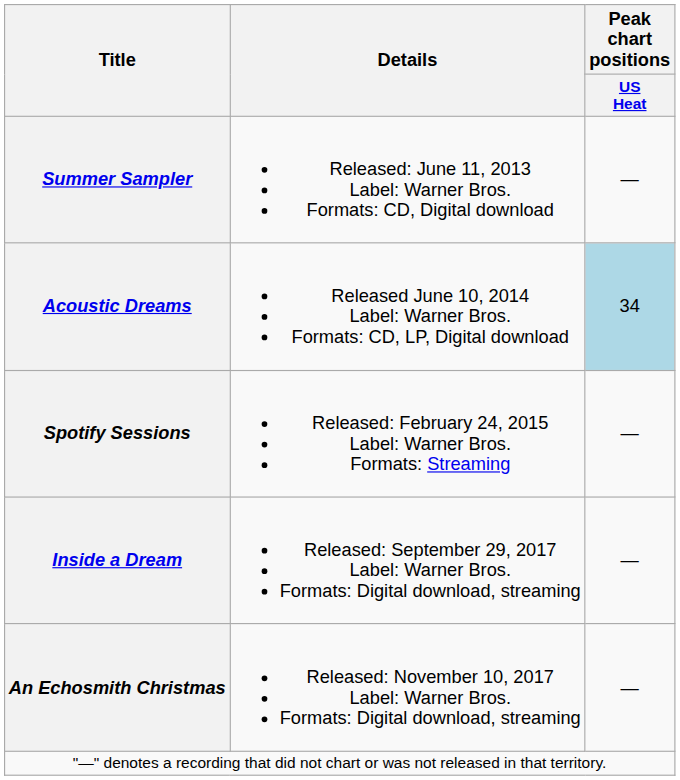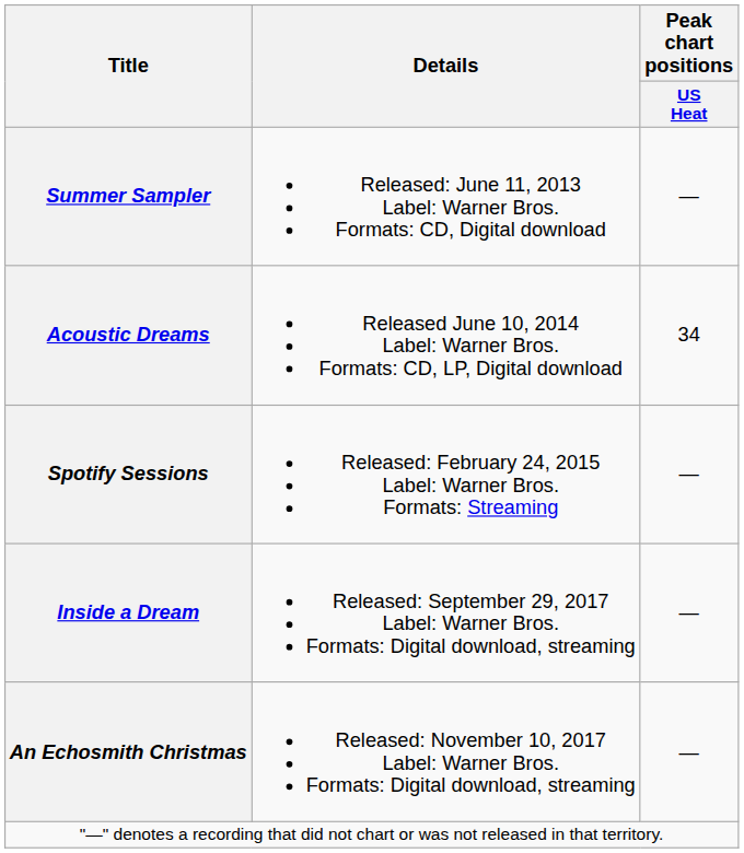 <table class="wikitable plainrowheaders" style="text-align:center;" border="1">
 <tr>
 <th scope="col" rowspan="2">Title</th>
 <th scope="col" rowspan="2">Details</th>
 <th scope="col" colspan="1">Peak chart positions</th>
 </tr>
 <tr>
 <th scope="col" style="width:3em;font-size:85%;"><a href='#'>US<br>Heat</a><br></th>
 </tr>
 <tr>
 <th scope="row"><em><a href='#'>Summer Sampler</a></em></th>
 <td><br><ul><li>Released: June 11, 2013</li><li>Label: Warner Bros.</li><li>Formats: CD, Digital download</li></ul></td>
 <td>—</td>
 </tr>
 <tr>
 <th scope="row"><em><a href='#'>Acoustic Dreams</a></em></th>
 <td><br><ul><li>Released June 10, 2014</li><li>Label: Warner Bros.</li><li>Formats: CD, LP, Digital download</li></ul></td>
-<td style="background: lightblue;">34</td>
+<td>34</td>
 </tr>
 <tr>
 <th scope="row"><em>Spotify Sessions</em></th>
 <td><br><ul><li>Released: February 24, 2015</li><li>Label: Warner Bros.</li><li>Formats: <a href='#'>Streaming</a></li></ul></td>
 <td>—</td>
 </tr>
 <tr>
 <th scope="row"><em><a href='#'>Inside a Dream</a></em></th>
 <td><br><ul><li>Released: September 29, 2017</li><li>Label: Warner Bros.</li><li>Formats: Digital download, streaming</li></ul></td>
 <td>—</td>
 </tr>
 <tr>
 <th scope="row"><em>An Echosmith Christmas</em></th>
 <td><br><ul><li>Released: November 10, 2017</li><li>Label: Warner Bros.</li><li>Formats: Digital download, streaming</li></ul></td>
 <td>—</td>
 </tr>
 <tr>
 <td colspan="20" style="text-align:center; font-size:85%;">"—" denotes a recording that did not chart or was not released in that territory.</td>
 </tr>
 </table>
